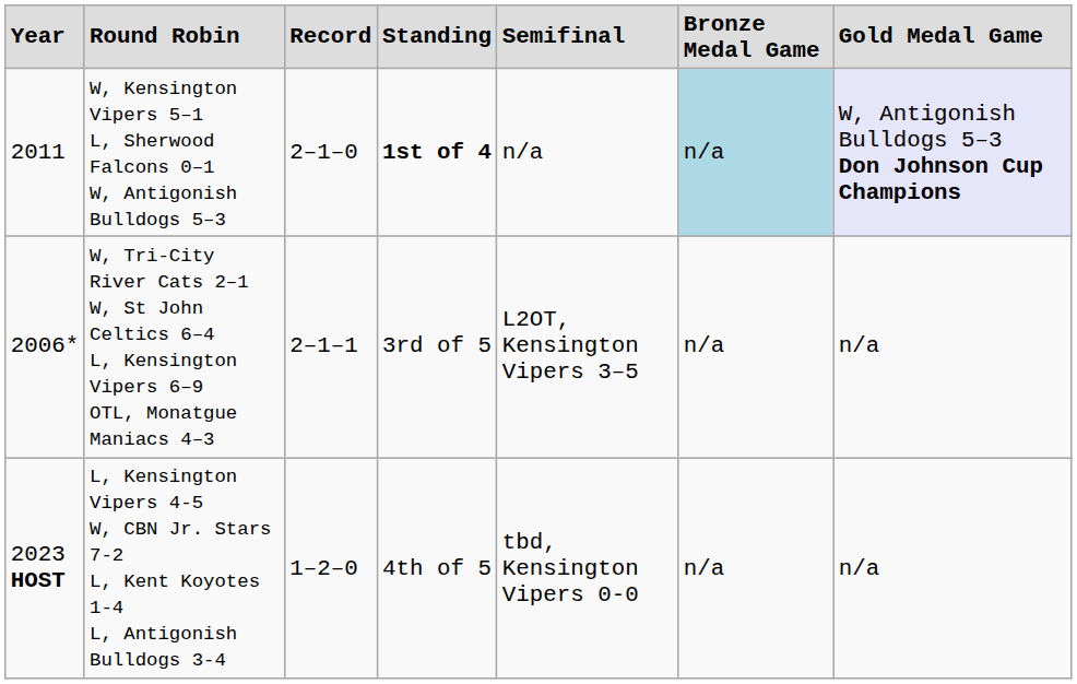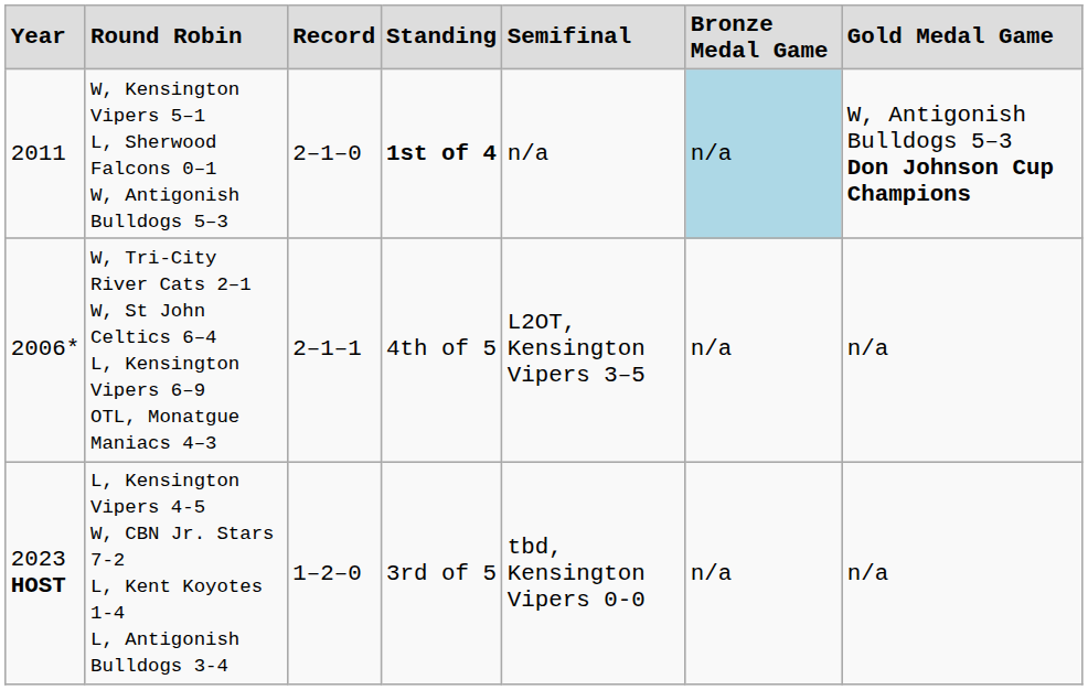 <table class="wikitable">
 <tr style="font-weight:bold; background-color:#dddddd;" |>
 <td>Year</td>
 <td>Round Robin</td>
 <td>Record</td>
 <td>Standing</td>
 <td>Semifinal</td>
 <td>Bronze Medal Game</td>
 <td>Gold Medal Game</td>
 </tr>
 <tr>
 <td>2011</td>
 <td><small> W, Kensington Vipers 5–1<br>L, Sherwood Falcons 0–1<br>W, Antigonish Bulldogs 5–3</small></td>
 <td>2–1–0</td>
 <td><strong>1st of 4</strong></td>
 <td>n/a</td>
 <td style="background: lightblue;">n/a</td>
-<td style="background: lavender;">W, Antigonish Bulldogs 5–3<br><strong>Don Johnson Cup<br> Champions</strong></td>
+<td>W, Antigonish Bulldogs 5–3<br><strong>Don Johnson Cup<br> Champions</strong></td>
 </tr>
 <tr>
 <td>2006*</td>
 <td><small> W, Tri-City River Cats 2–1<br>W, St John Celtics 6–4<br>L, Kensington Vipers 6–9<br>OTL, Monatgue Maniacs 4–3</small></td>
 <td>2–1–1</td>
-<td>3rd of 5</td>
+<td>4th of 5</td>
 <td>L2OT, Kensington<br> Vipers  3–5</td>
 <td>n/a</td>
 <td>n/a</td>
 </tr>
 <tr>
 <td>2023<br><strong>HOST</strong></td>
 <td><small> L, Kensington Vipers 4-5<br>W, CBN Jr. Stars 7-2<br>L, Kent Koyotes 1-4<br>L, Antigonish Bulldogs 3-4</small></td>
 <td>1–2–0</td>
-<td>4th of 5</td>
+<td>3rd of 5</td>
 <td>tbd, Kensington<br> Vipers  0-0</td>
 <td>n/a</td>
 <td>n/a</td>
 </tr>
 </table>
